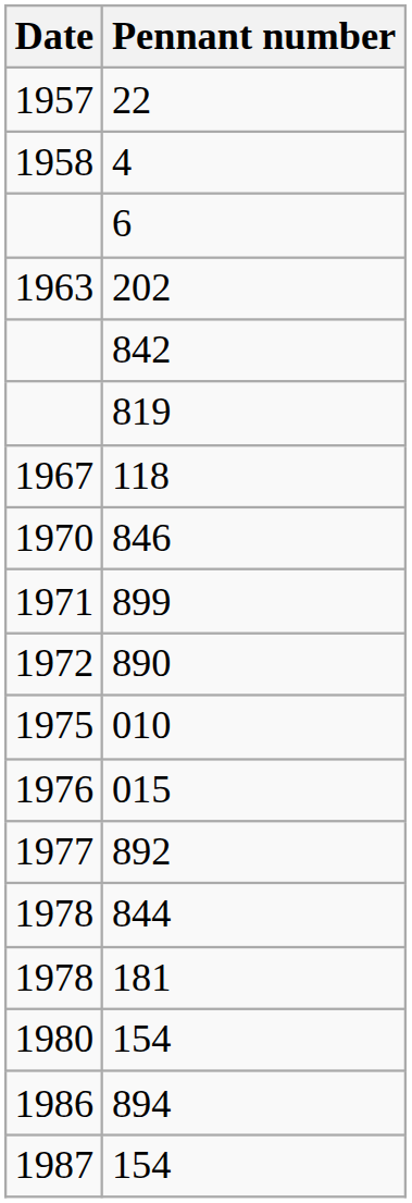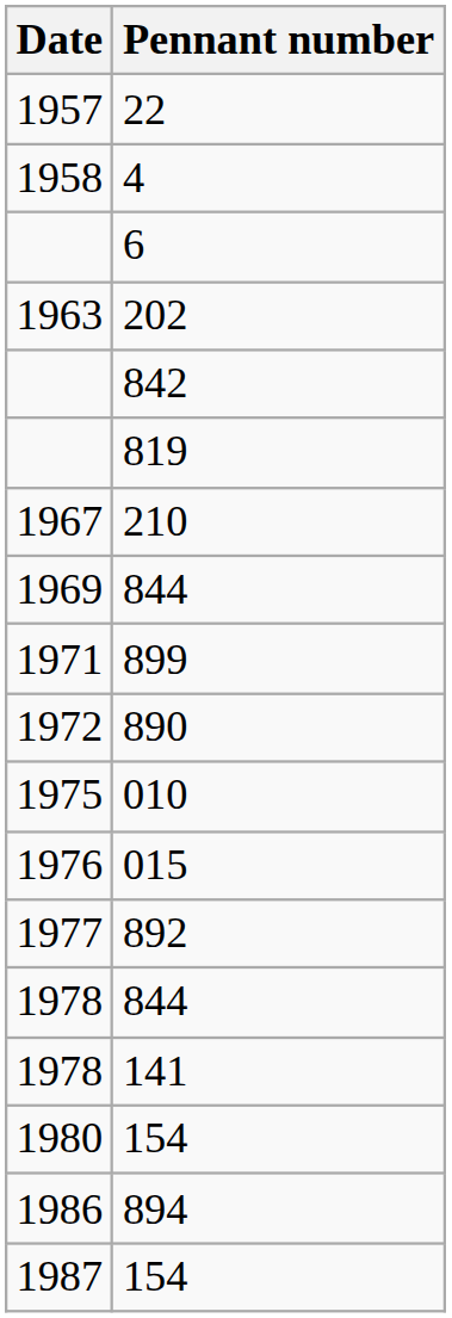 <table class="wikitable">
 <tr>
 <th>Date</th>
 <th>Pennant number</th>
 </tr>
 <tr>
 <td>1957</td>
 <td>22</td>
 </tr>
 <tr>
 <td>1958</td>
 <td>4</td>
 </tr>
 <tr>
 <td></td>
 <td>6</td>
 </tr>
 <tr>
 <td>1963</td>
 <td>202</td>
 </tr>
 <tr>
 <td></td>
 <td>842</td>
 </tr>
 <tr>
 <td></td>
 <td>819</td>
 </tr>
 <tr>
 <td>1967</td>
-<td>118</td>
+<td>210</td>
 </tr>
 <tr>
-<td>1970</td>
-<td>846</td>
+<td>1969</td>
+<td>844</td>
 </tr>
 <tr>
 <td>1971</td>
 <td>899</td>
 </tr>
 <tr>
 <td>1972</td>
 <td>890</td>
 </tr>
 <tr>
 <td>1975</td>
 <td>010</td>
 </tr>
 <tr>
 <td>1976</td>
 <td>015</td>
 </tr>
 <tr>
 <td>1977</td>
 <td>892</td>
 </tr>
 <tr>
 <td>1978</td>
 <td>844</td>
 </tr>
 <tr>
 <td>1978</td>
-<td>181</td>
+<td>141</td>
 </tr>
 <tr>
 <td>1980</td>
 <td>154</td>
 </tr>
 <tr>
 <td>1986</td>
 <td>894</td>
 </tr>
 <tr>
 <td>1987</td>
 <td>154</td>
 </tr>
 </table>
